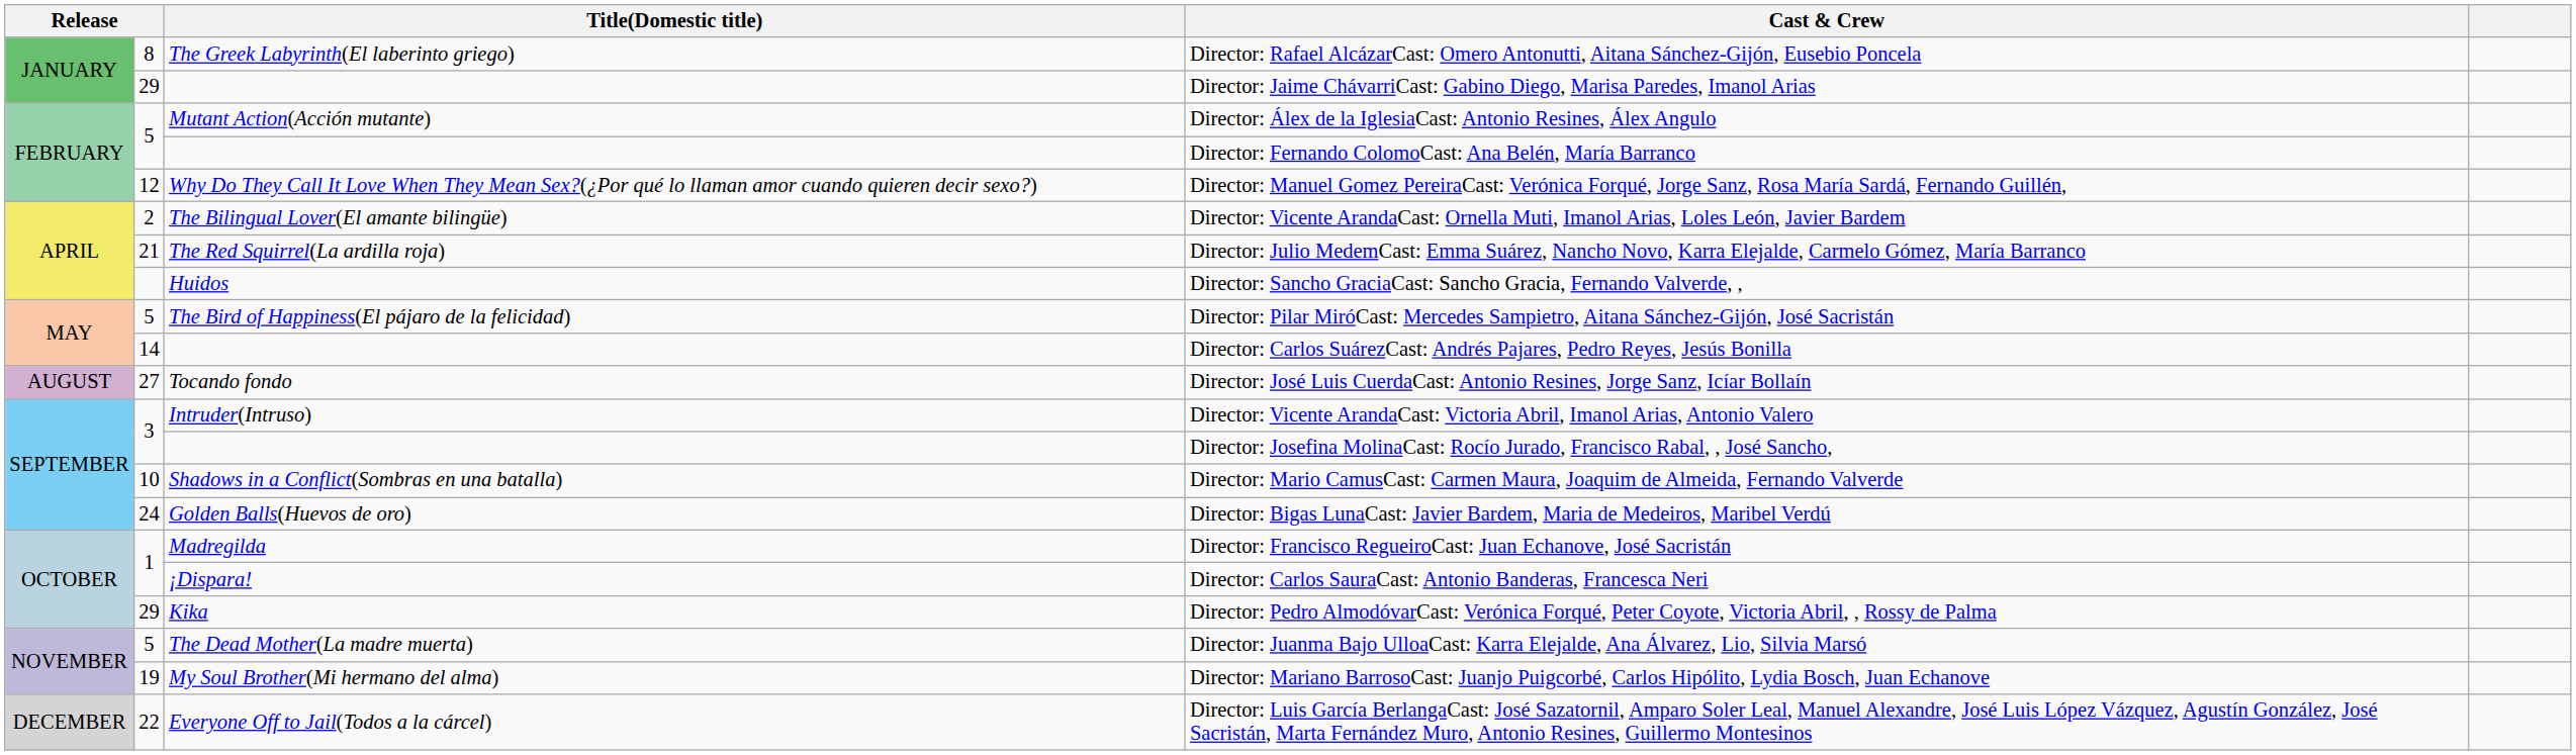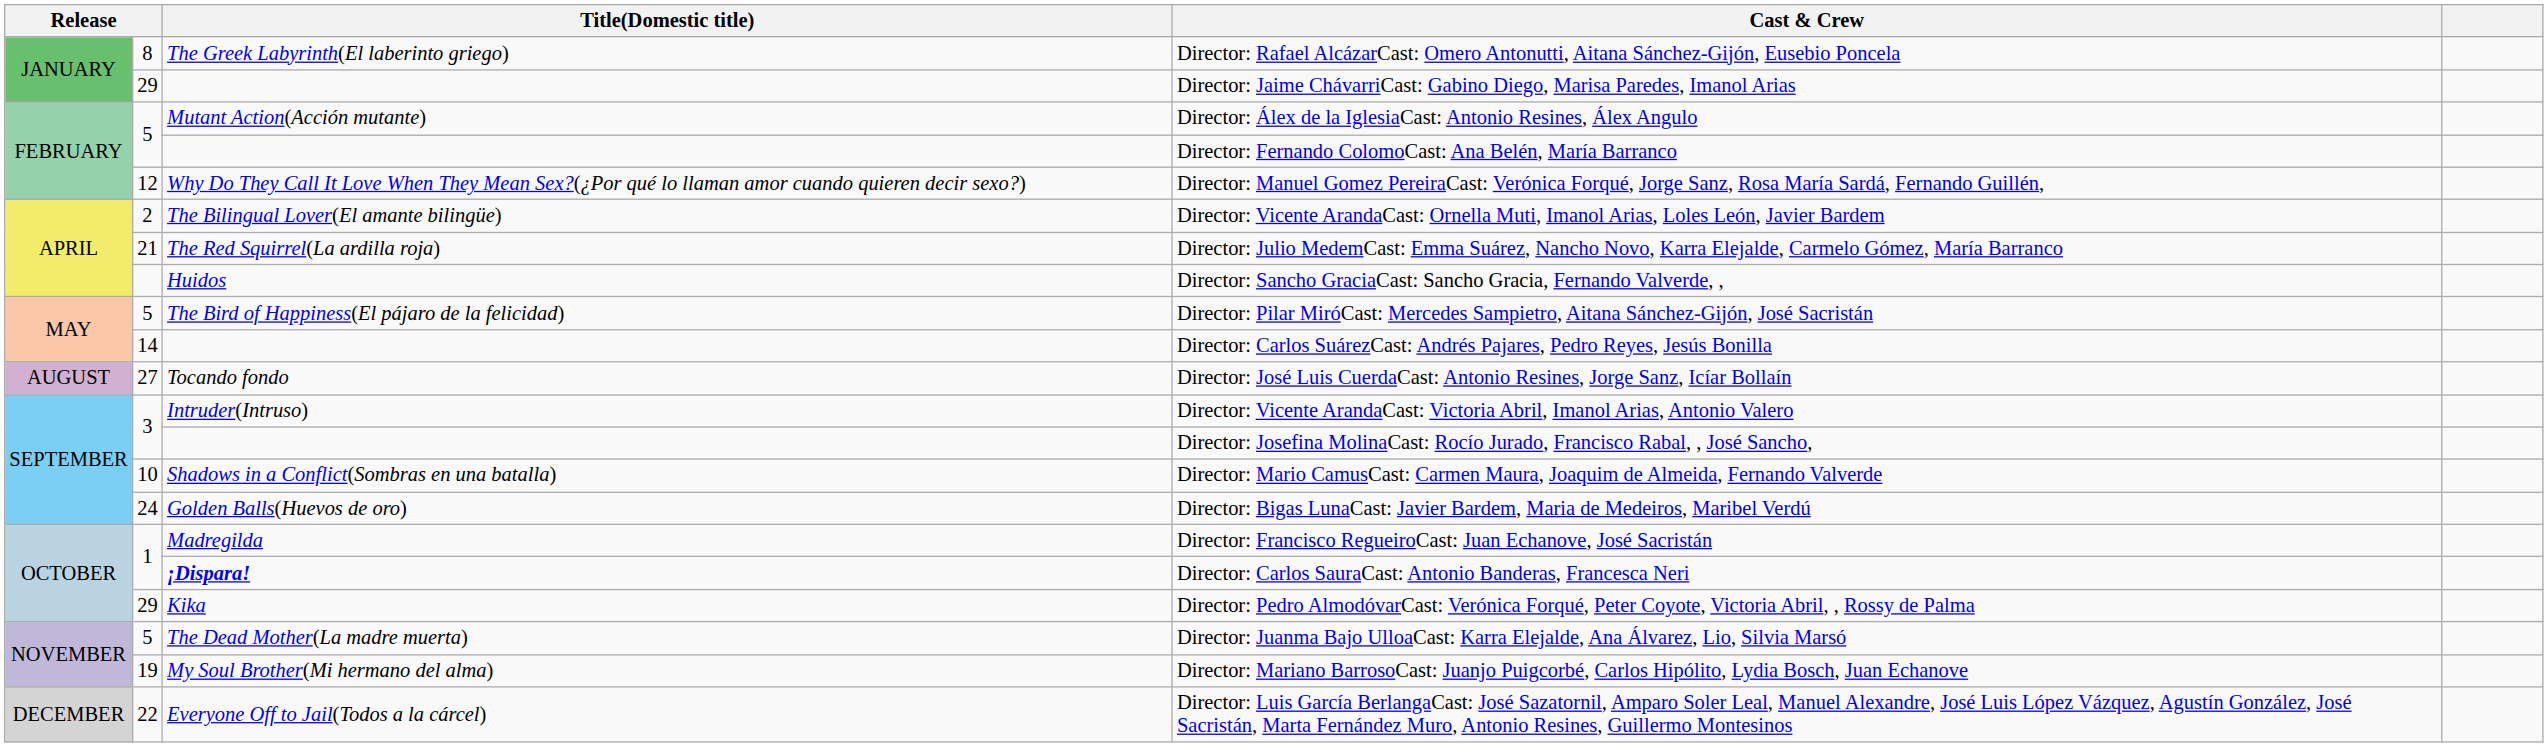 <table class="wikitable sortable" style="width:100%;">
 <tr>
 <th colspan="2" style="width:5%;">Release</th>
 <th>Title(Domestic title)</th>
 <th style="width:50%;">Cast & Crew</th>
 <th style="width:4%;"></th>
 </tr>
 <tr>
 <td align = "center" rowspan = "2" bgcolor = #68bf6e>JANUARY</td>
 <td align = "center">8</td>
 <td><em><a href='#'>The Greek Labyrinth</a></em>(<em>El laberinto griego</em>)</td>
 <td>Director: <a href='#'>Rafael Alcázar</a>Cast: <a href='#'>Omero Antonutti</a>, <a href='#'>Aitana Sánchez-Gijón</a>, <a href='#'>Eusebio Poncela</a></td>
 <td align = "center"></td>
 </tr>
 <tr>
 <td align = "center">29</td>
 <td><em></em></td>
 <td>Director: <a href='#'>Jaime Chávarri</a>Cast: <a href='#'>Gabino Diego</a>, <a href='#'>Marisa Paredes</a>, <a href='#'>Imanol Arias</a></td>
 <td align = "center"></td>
 </tr>
 <tr>
 <td align = "center" rowspan = "3" bgcolor = "#95d1ab">FEBRUARY</td>
 <td align = "center" rowspan = "2">5</td>
 <td><em><a href='#'>Mutant Action</a></em>(<em>Acción mutante</em>)</td>
 <td>Director: <a href='#'>Álex de la Iglesia</a>Cast: <a href='#'>Antonio Resines</a>, <a href='#'>Álex Angulo</a></td>
 <td align = "center"></td>
 </tr>
 <tr>
 <td><em></em></td>
 <td>Director: <a href='#'>Fernando Colomo</a>Cast: <a href='#'>Ana Belén</a>, <a href='#'>María Barranco</a></td>
 <td align = "center"></td>
 </tr>
 <tr>
 <td align = "center">12</td>
 <td><em><a href='#'>Why Do They Call It Love When They Mean Sex?</a></em>(<em>¿Por qué lo llaman amor cuando quieren decir sexo?</em>)</td>
 <td>Director: <a href='#'>Manuel Gomez Pereira</a>Cast: <a href='#'>Verónica Forqué</a>, <a href='#'>Jorge Sanz</a>, <a href='#'>Rosa María Sardá</a>, <a href='#'>Fernando Guillén</a>, </td>
 <td align = "center"></td>
 </tr>
 <tr>
 <td align = "center" rowspan = "3" bgcolor = "f3ec6a">APRIL</td>
 <td align = "center">2</td>
 <td><em><a href='#'>The Bilingual Lover</a></em>(<em>El amante bilingüe</em>)</td>
 <td>Director: <a href='#'>Vicente Aranda</a>Cast: <a href='#'>Ornella Muti</a>, <a href='#'>Imanol Arias</a>, <a href='#'>Loles León</a>, <a href='#'>Javier Bardem</a></td>
 <td align = "center"></td>
 </tr>
 <tr>
 <td align = "center">21</td>
 <td><em><a href='#'>The Red Squirrel</a></em>(<em>La ardilla roja</em>)</td>
 <td>Director: <a href='#'>Julio Medem</a>Cast: <a href='#'>Emma Suárez</a>, <a href='#'>Nancho Novo</a>, <a href='#'>Karra Elejalde</a>, <a href='#'>Carmelo Gómez</a>, <a href='#'>María Barranco</a></td>
 <td align = "center"></td>
 </tr>
 <tr>
 <td></td>
 <td><em><a href='#'>Huidos</a></em></td>
 <td>Director: <a href='#'>Sancho Gracia</a>Cast: Sancho Gracia, <a href='#'>Fernando Valverde</a>, , </td>
 <td></td>
 </tr>
 <tr>
 <td align = "center" rowspan = "2" bgcolor = "#fac7a8">MAY</td>
 <td align = "center">5</td>
 <td><em><a href='#'>The Bird of Happiness</a></em>(<em>El pájaro de la felicidad</em>)</td>
 <td>Director: <a href='#'>Pilar Miró</a>Cast: <a href='#'>Mercedes Sampietro</a>, <a href='#'>Aitana Sánchez-Gijón</a>, <a href='#'>José Sacristán</a></td>
 <td align = "center"></td>
 </tr>
 <tr>
 <td align = "center">14</td>
 <td><em></em></td>
 <td>Director: <a href='#'>Carlos Suárez</a>Cast: <a href='#'>Andrés Pajares</a>, <a href='#'>Pedro Reyes</a>, <a href='#'>Jesús Bonilla</a></td>
 <td align = "center"></td>
 </tr>
 <tr>
 <td align = "center" rowspan = "1" bgcolor = "#d2b0d1">AUGUST</td>
 <td align = "center">27</td>
 <td><em>Tocando fondo</em></td>
 <td>Director: <a href='#'>José Luis Cuerda</a>Cast: <a href='#'>Antonio Resines</a>, <a href='#'>Jorge Sanz</a>, <a href='#'>Icíar Bollaín</a></td>
 <td align = "center"></td>
 </tr>
 <tr>
 <td align = "center" rowspan = "4" bgcolor = "#7bcff4">SEPTEMBER</td>
 <td align = "center" rowspan = "2">3</td>
 <td><em><a href='#'>Intruder</a></em>(<em>Intruso</em>)</td>
 <td>Director: <a href='#'>Vicente Aranda</a>Cast: <a href='#'>Victoria Abril</a>, <a href='#'>Imanol Arias</a>, <a href='#'>Antonio Valero</a></td>
 <td align = "center"></td>
 </tr>
 <tr>
 <td><em></em></td>
 <td>Director: <a href='#'>Josefina Molina</a>Cast: <a href='#'>Rocío Jurado</a>, <a href='#'>Francisco Rabal</a>, , <a href='#'>José Sancho</a>, </td>
 <td align = "center"></td>
 </tr>
 <tr>
 <td align = "center">10</td>
 <td><em><a href='#'>Shadows in a Conflict</a></em>(<em>Sombras en una batalla</em>)</td>
 <td>Director: <a href='#'>Mario Camus</a>Cast: <a href='#'>Carmen Maura</a>, <a href='#'>Joaquim de Almeida</a>, <a href='#'>Fernando Valverde</a></td>
 <td align = "center"></td>
 </tr>
 <tr>
 <td align = "center">24</td>
 <td><em><a href='#'>Golden Balls</a></em>(<em>Huevos de oro</em>)</td>
 <td>Director: <a href='#'>Bigas Luna</a>Cast: <a href='#'>Javier Bardem</a>, <a href='#'>Maria de Medeiros</a>, <a href='#'>Maribel Verdú</a></td>
 <td align = "center"></td>
 </tr>
 <tr>
 <td align = "center" rowspan = "3" bgcolor = "#b9d4e">OCTOBER</td>
 <td align = "center" rowspan = "2">1</td>
 <td><em><a href='#'>Madregilda</a></em></td>
 <td>Director: <a href='#'>Francisco Regueiro</a>Cast: <a href='#'>Juan Echanove</a>, <a href='#'>José Sacristán</a></td>
 <td align = "center"></td>
 </tr>
 <tr>
-<td><em><a href='#'>¡Dispara!</a></em></td>
+<td><strong><em><a href='#'>¡Dispara!</a></em></strong></td>
 <td>Director: <a href='#'>Carlos Saura</a>Cast: <a href='#'>Antonio Banderas</a>, <a href='#'>Francesca Neri</a></td>
 <td align = "center"></td>
 </tr>
 <tr>
 <td align = "center">29</td>
 <td><em><a href='#'>Kika</a></em></td>
 <td>Director: <a href='#'>Pedro Almodóvar</a>Cast: <a href='#'>Verónica Forqué</a>, <a href='#'>Peter Coyote</a>, <a href='#'>Victoria Abril</a>, , <a href='#'>Rossy de Palma</a></td>
 <td align = "center"></td>
 </tr>
 <tr>
 <td align = "center" rowspan = "2" bgcolor = "#bfb8d9">NOVEMBER</td>
 <td align = "center">5</td>
 <td><em><a href='#'>The Dead Mother</a></em>(<em>La madre muerta</em>)</td>
 <td>Director: <a href='#'>Juanma Bajo Ulloa</a>Cast: <a href='#'>Karra Elejalde</a>, <a href='#'>Ana Álvarez</a>, <a href='#'>Lio</a>, <a href='#'>Silvia Marsó</a></td>
 <td align = "center"></td>
 </tr>
 <tr>
 <td align = "center">19</td>
 <td><em><a href='#'>My Soul Brother</a></em>(<em>Mi hermano del alma</em>)</td>
 <td>Director: <a href='#'>Mariano Barroso</a>Cast: <a href='#'>Juanjo Puigcorbé</a>, <a href='#'>Carlos Hipólito</a>, <a href='#'>Lydia Bosch</a>, <a href='#'>Juan Echanove</a></td>
 <td align = "center"></td>
 </tr>
 <tr>
 <td align = "center" rowspan = "1" bgcolor = "#d4d4d4">DECEMBER</td>
 <td align = "center">22</td>
 <td><em><a href='#'>Everyone Off to Jail</a></em>(<em>Todos a la cárcel</em>)</td>
 <td>Director: <a href='#'>Luis García Berlanga</a>Cast: <a href='#'>José Sazatornil</a>, <a href='#'>Amparo Soler Leal</a>, <a href='#'>Manuel Alexandre</a>, <a href='#'>José Luis López Vázquez</a>, <a href='#'>Agustín González</a>, <a href='#'>José Sacristán</a>, <a href='#'>Marta Fernández Muro</a>, <a href='#'>Antonio Resines</a>, <a href='#'>Guillermo Montesinos</a></td>
 <td align = "center"></td>
 </tr>
 </table>
